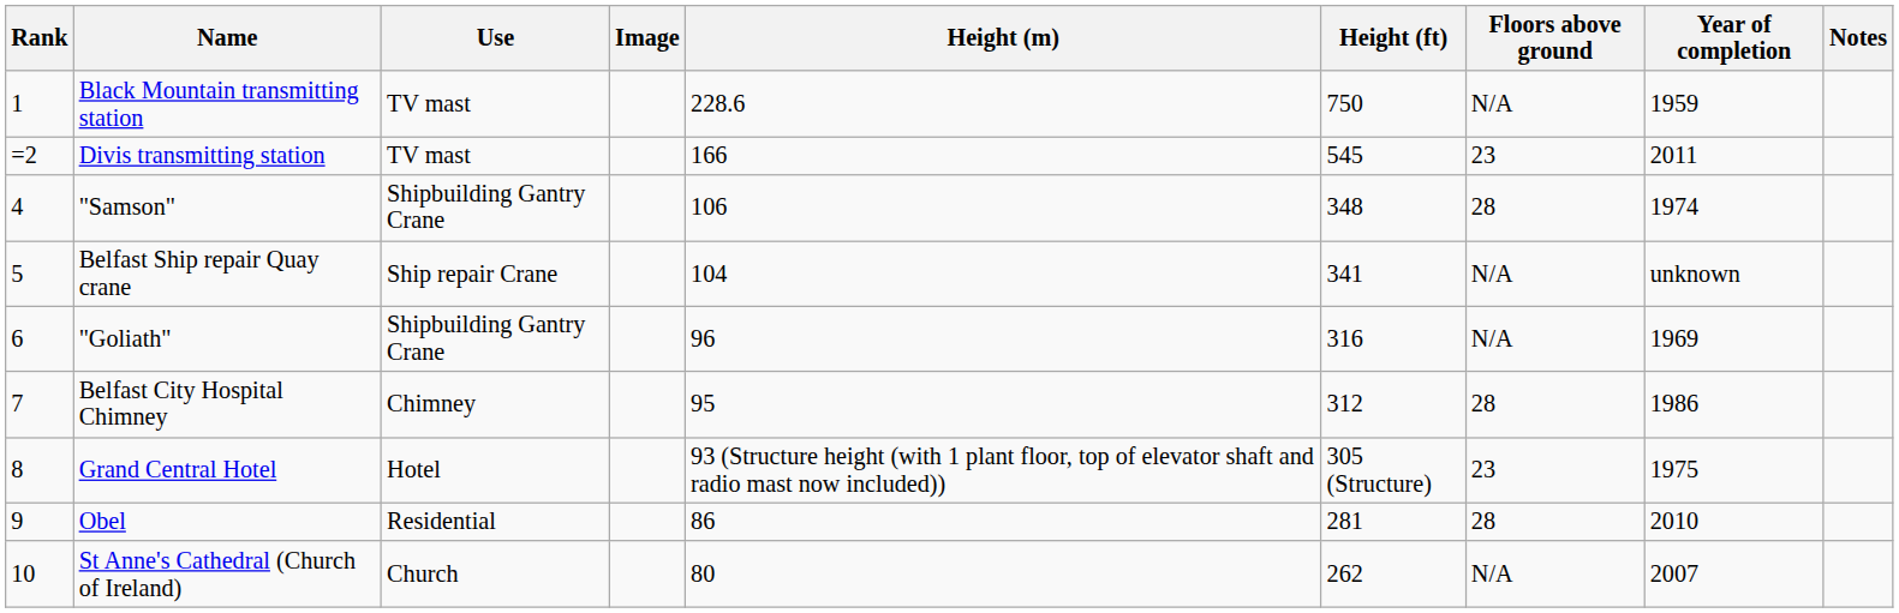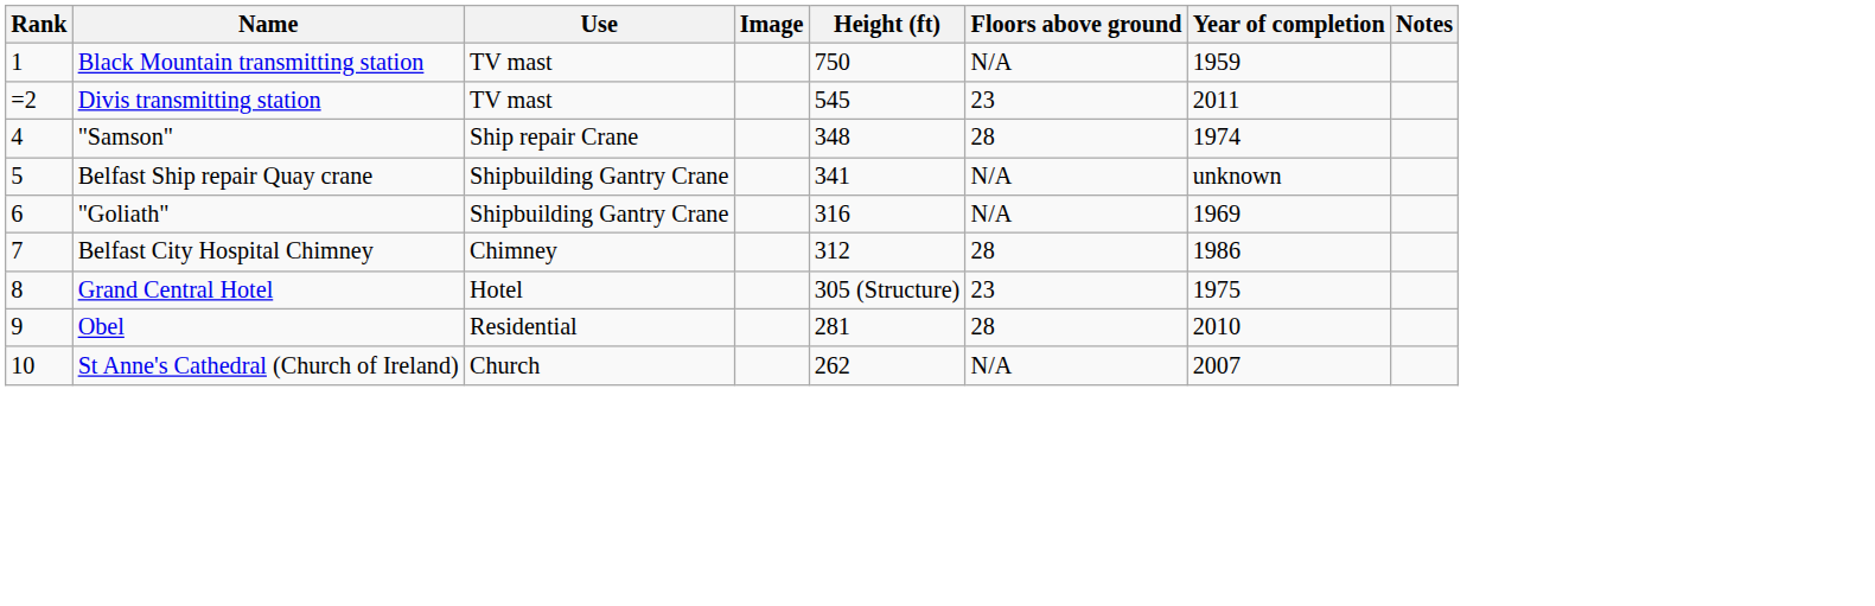 <table class="wikitable">
 <tr>
 <th>Rank</th>
 <th>Name</th>
 <th>Use</th>
 <th>Image</th>
-<th>Height (m)</th>
 <th>Height (ft)</th>
 <th>Floors above ground</th>
 <th>Year of completion</th>
 <th>Notes</th>
 </tr>
 <tr>
 <td>1</td>
 <td><a href='#'>Black Mountain transmitting station</a></td>
 <td>TV mast<br></td>
 <td></td>
-<td>228.6</td>
 <td>750</td>
 <td>N/A</td>
 <td>1959</td>
 <td></td>
 </tr>
 <tr>
 <td>=2</td>
 <td><a href='#'>Divis transmitting station</a></td>
 <td>TV mast</td>
 <td></td>
-<td>166</td>
 <td>545</td>
 <td>23</td>
 <td>2011</td>
 <td></td>
 </tr>
 <tr>
 <td>4</td>
 <td>"Samson"</td>
-<td>Shipbuilding Gantry Crane</td>
+<td>Ship repair Crane</td>
 <td></td>
-<td>106</td>
 <td>348</td>
 <td>28</td>
 <td>1974</td>
 <td></td>
 </tr>
 <tr>
 <td>5</td>
 <td>Belfast Ship repair Quay crane</td>
-<td>Ship repair Crane</td>
+<td>Shipbuilding Gantry Crane</td>
 <td></td>
-<td>104</td>
 <td>341</td>
 <td>N/A</td>
 <td>unknown</td>
 <td></td>
 </tr>
 <tr>
 <td>6</td>
 <td>"Goliath"</td>
 <td>Shipbuilding Gantry Crane</td>
 <td></td>
-<td>96</td>
 <td>316</td>
 <td>N/A</td>
 <td>1969</td>
 <td></td>
 </tr>
 <tr>
 <td>7</td>
 <td>Belfast City Hospital Chimney</td>
 <td>Chimney</td>
 <td></td>
-<td>95</td>
 <td>312</td>
 <td>28</td>
 <td>1986</td>
 <td></td>
 </tr>
 <tr>
 <td>8</td>
 <td><a href='#'>Grand Central Hotel</a></td>
 <td>Hotel</td>
 <td></td>
-<td>93 (Structure height (with 1 plant floor, top of elevator shaft and radio mast now included))</td>
 <td>305 (Structure)</td>
 <td>23</td>
 <td>1975</td>
 <td><br> </td>
 </tr>
 <tr>
 <td>9</td>
 <td><a href='#'>Obel</a></td>
 <td>Residential</td>
 <td></td>
-<td>86</td>
 <td>281</td>
 <td>28</td>
 <td>2010</td>
 <td><br></td>
 </tr>
 <tr>
 <td>10</td>
 <td><a href='#'>St Anne's Cathedral</a> (Church of Ireland)</td>
 <td>Church</td>
 <td></td>
-<td>80</td>
 <td>262</td>
 <td>N/A</td>
 <td>2007</td>
 <td></td>
 </tr>
 </table>
